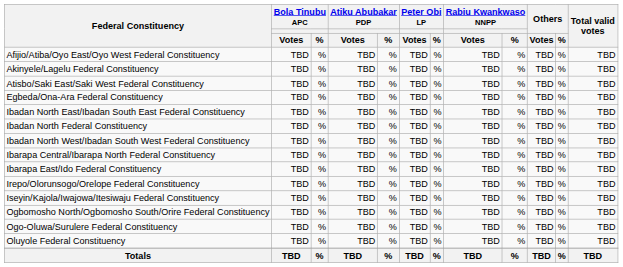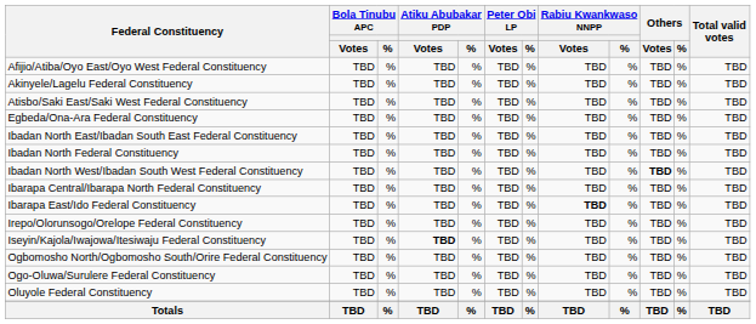 <table class="wikitable sortable" style="text-align:right; font-size:90%">
 <tr>
 <th rowspan="3" style="max-width:7.5em;">Federal Constituency</th>
 <th colspan="2"><a href='#'>Bola Tinubu</a><br><small>APC</small></th>
 <th colspan="2"><a href='#'>Atiku Abubakar</a><br><small>PDP</small></th>
 <th colspan="2"><a href='#'>Peter Obi</a><br><small>LP</small></th>
 <th colspan="2"><a href='#'>Rabiu Kwankwaso</a><br><small>NNPP</small></th>
 <th colspan="2" rowspan="2">Others</th>
 <th rowspan="3" style="max-width:5em;">Total valid votes</th>
 </tr>
 <tr>
 <th colspan=2 style="background-color:"></th>
 <th colspan=2 style="background-color:"></th>
 <th colspan=2 style="background-color:"></th>
 <th colspan=2 style="background-color:"></th>
 </tr>
 <tr>
 <th>Votes</th>
 <th>%</th>
 <th>Votes</th>
 <th>%</th>
 <th>Votes</th>
 <th>%</th>
 <th>Votes</th>
 <th>%</th>
 <th>Votes</th>
 <th>%</th>
 </tr>
 <tr style="background-color:#">
 <td style="text-align:left;">Afijio/Atiba/Oyo East/Oyo West Federal Constituency</td>
 <td>TBD</td>
 <td>%</td>
 <td>TBD</td>
 <td>%</td>
 <td>TBD</td>
 <td>%</td>
 <td>TBD</td>
 <td>%</td>
 <td>TBD</td>
 <td>%</td>
 <td>TBD</td>
 </tr>
 <tr style="background-color:#">
 <td style="text-align:left;">Akinyele/Lagelu Federal Constituency</td>
 <td>TBD</td>
 <td>%</td>
 <td>TBD</td>
 <td>%</td>
 <td>TBD</td>
 <td>%</td>
 <td>TBD</td>
 <td>%</td>
 <td>TBD</td>
 <td>%</td>
 <td>TBD</td>
 </tr>
 <tr style="background-color:#">
 <td style="text-align:left;">Atisbo/Saki East/Saki West Federal Constituency</td>
 <td>TBD</td>
 <td>%</td>
 <td>TBD</td>
 <td>%</td>
 <td>TBD</td>
 <td>%</td>
 <td>TBD</td>
 <td>%</td>
 <td>TBD</td>
 <td>%</td>
 <td>TBD</td>
 </tr>
 <tr style="background-color:#">
 <td style="text-align:left;">Egbeda/Ona-Ara Federal Constituency</td>
 <td>TBD</td>
 <td>%</td>
 <td>TBD</td>
 <td>%</td>
 <td>TBD</td>
 <td>%</td>
 <td>TBD</td>
 <td>%</td>
 <td>TBD</td>
 <td>%</td>
 <td>TBD</td>
 </tr>
 <tr style="background-color:#">
 <td style="text-align:left;">Ibadan North East/Ibadan South East Federal Constituency</td>
 <td>TBD</td>
 <td>%</td>
 <td>TBD</td>
 <td>%</td>
 <td>TBD</td>
 <td>%</td>
 <td>TBD</td>
 <td>%</td>
 <td>TBD</td>
 <td>%</td>
 <td>TBD</td>
 </tr>
 <tr style="background-color:#">
 <td style="text-align:left;">Ibadan North Federal Constituency</td>
 <td>TBD</td>
 <td>%</td>
 <td>TBD</td>
 <td>%</td>
 <td>TBD</td>
 <td>%</td>
 <td>TBD</td>
 <td>%</td>
 <td>TBD</td>
 <td>%</td>
 <td>TBD</td>
 </tr>
 <tr style="background-color:#">
 <td style="text-align:left;">Ibadan North West/Ibadan South West Federal Constituency</td>
 <td>TBD</td>
 <td>%</td>
 <td>TBD</td>
 <td>%</td>
 <td>TBD</td>
 <td>%</td>
 <td>TBD</td>
 <td>%</td>
-<td>TBD</td>
+<td><strong>TBD</strong></td>
 <td>%</td>
 <td>TBD</td>
 </tr>
 <tr style="background-color:#">
 <td style="text-align:left;">Ibarapa Central/Ibarapa North Federal Constituency</td>
 <td>TBD</td>
 <td>%</td>
 <td>TBD</td>
 <td>%</td>
 <td>TBD</td>
 <td>%</td>
 <td>TBD</td>
 <td>%</td>
 <td>TBD</td>
 <td>%</td>
 <td>TBD</td>
 </tr>
 <tr style="background-color:#">
 <td style="text-align:left;">Ibarapa East/Ido Federal Constituency</td>
 <td>TBD</td>
 <td>%</td>
 <td>TBD</td>
 <td>%</td>
 <td>TBD</td>
 <td>%</td>
-<td>TBD</td>
+<td><strong>TBD</strong></td>
 <td>%</td>
 <td>TBD</td>
 <td>%</td>
 <td>TBD</td>
 </tr>
 <tr style="background-color:#">
 <td style="text-align:left;">Irepo/Olorunsogo/Orelope Federal Constituency</td>
 <td>TBD</td>
 <td>%</td>
 <td>TBD</td>
 <td>%</td>
 <td>TBD</td>
 <td>%</td>
 <td>TBD</td>
 <td>%</td>
 <td>TBD</td>
 <td>%</td>
 <td>TBD</td>
 </tr>
 <tr style="background-color:#">
 <td style="text-align:left;">Iseyin/Kajola/Iwajowa/Itesiwaju Federal Constituency</td>
 <td>TBD</td>
 <td>%</td>
-<td>TBD</td>
+<td><strong>TBD</strong></td>
 <td>%</td>
 <td>TBD</td>
 <td>%</td>
 <td>TBD</td>
 <td>%</td>
 <td>TBD</td>
 <td>%</td>
 <td>TBD</td>
 </tr>
 <tr style="background-color:#">
 <td style="text-align:left;">Ogbomosho North/Ogbomosho South/Orire Federal Constituency</td>
 <td>TBD</td>
 <td>%</td>
 <td>TBD</td>
 <td>%</td>
 <td>TBD</td>
 <td>%</td>
 <td>TBD</td>
 <td>%</td>
 <td>TBD</td>
 <td>%</td>
 <td>TBD</td>
 </tr>
 <tr style="background-color:#">
 <td style="text-align:left;">Ogo-Oluwa/Surulere Federal Constituency</td>
 <td>TBD</td>
 <td>%</td>
 <td>TBD</td>
 <td>%</td>
 <td>TBD</td>
 <td>%</td>
 <td>TBD</td>
 <td>%</td>
 <td>TBD</td>
 <td>%</td>
 <td>TBD</td>
 </tr>
 <tr style="background-color:#">
 <td style="text-align:left;">Oluyole Federal Constituency</td>
 <td>TBD</td>
 <td>%</td>
 <td>TBD</td>
 <td>%</td>
 <td>TBD</td>
 <td>%</td>
 <td>TBD</td>
 <td>%</td>
 <td>TBD</td>
 <td>%</td>
 <td>TBD</td>
 </tr>
 <tr>
 </tr>
 <tr>
 <th>Totals</th>
 <th>TBD</th>
 <th>%</th>
 <th>TBD</th>
 <th>%</th>
 <th>TBD</th>
 <th>%</th>
 <th>TBD</th>
 <th>%</th>
 <th>TBD</th>
 <th>%</th>
 <th>TBD</th>
 </tr>
 </table>
